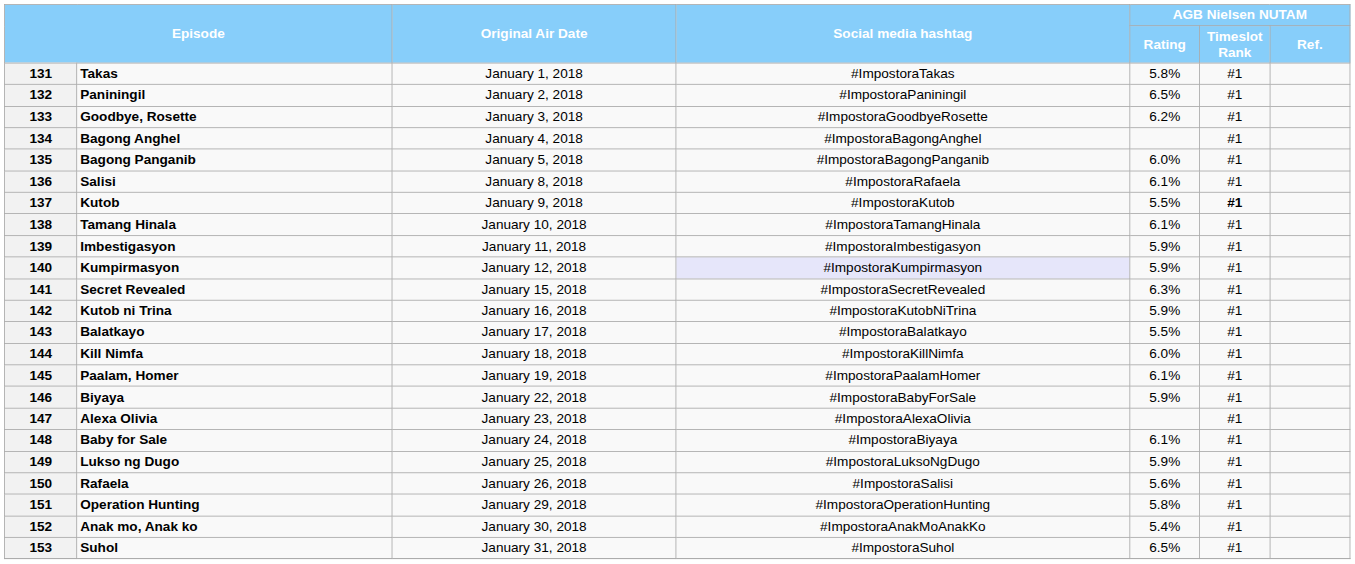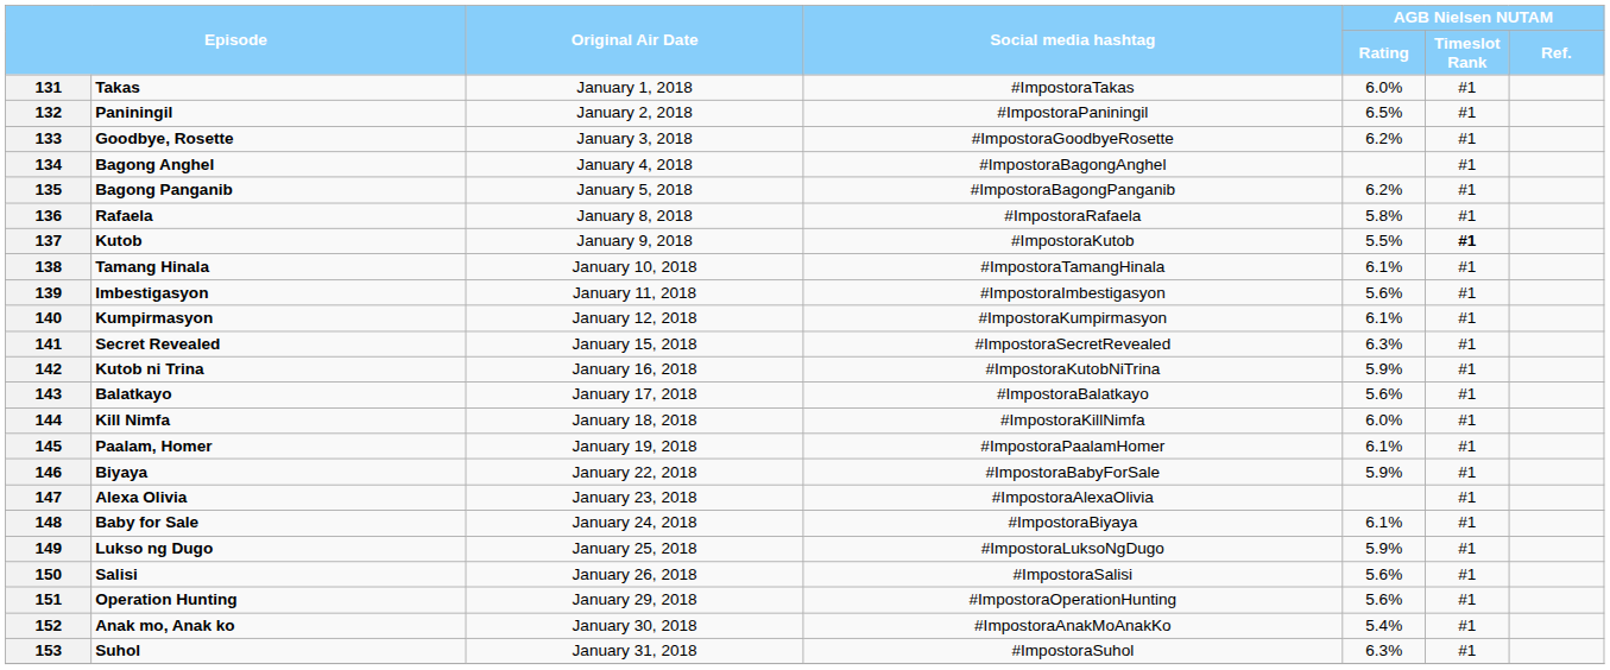 <table class="wikitable" style="text-align:center; font-size:100%; line-height:18px;"  width="100%">
 <tr>
 <th colspan="2" rowspan="2" style="background-color:#87CEFA; color:#ffffff;">Episode</th>
 <th style="background:#87CEFA; color:white" rowspan="2">Original Air Date</th>
 <th style="background:#87CEFA; color:white" rowspan="2">Social media hashtag</th>
 <th style="background-color:#87CEFA; color:#ffffff;" colspan="3">AGB Nielsen NUTAM</th>
 </tr>
 <tr>
 <th style="background-color:#87CEFA; width:75px; color:#ffffff;">Rating</th>
 <th style="background-color:#87CEFA; width:75px; color:#ffffff;">Timeslot<br>Rank</th>
 <th style="background-color:#87CEFA; color:#ffffff;">Ref.</th>
 </tr>
 <tr>
 <th>131</th>
 <td style="text-align: left;"><strong>Takas</strong></td>
 <td>January 1, 2018</td>
 <td>#ImpostoraTakas</td>
-<td>5.8%</td>
+<td>6.0%</td>
 <td>#1</td>
 <td></td>
 </tr>
 <tr>
 <th>132</th>
 <td style="text-align: left;"><strong>Paniningil</strong></td>
 <td>January 2, 2018</td>
 <td>#ImpostoraPaniningil</td>
 <td>6.5%</td>
 <td>#1</td>
 <td></td>
 </tr>
 <tr>
 <th>133</th>
 <td style="text-align: left;"><strong>Goodbye, Rosette</strong></td>
 <td>January 3, 2018</td>
 <td>#ImpostoraGoodbyeRosette</td>
 <td>6.2%</td>
 <td>#1</td>
 <td></td>
 </tr>
 <tr>
 <th>134</th>
 <td style="text-align: left;"><strong>Bagong Anghel</strong></td>
 <td>January 4, 2018</td>
 <td>#ImpostoraBagongAnghel</td>
 <td></td>
 <td>#1</td>
 <td></td>
 </tr>
 <tr>
 <th>135</th>
 <td style="text-align: left;"><strong>Bagong Panganib</strong></td>
 <td>January 5, 2018</td>
 <td>#ImpostoraBagongPanganib</td>
-<td>6.0%</td>
+<td>6.2%</td>
 <td>#1</td>
 <td></td>
 </tr>
 <tr>
 <th>136</th>
-<td style="text-align: left;"><strong>Salisi</strong></td>
+<td style="text-align: left;"><strong>Rafaela</strong></td>
 <td>January 8, 2018</td>
 <td>#ImpostoraRafaela</td>
-<td>6.1%</td>
+<td>5.8%</td>
 <td>#1</td>
 <td></td>
 </tr>
 <tr>
 <th>137</th>
 <td style="text-align: left;"><strong>Kutob</strong></td>
 <td>January 9, 2018</td>
 <td>#ImpostoraKutob</td>
 <td>5.5%</td>
 <td><strong>#1</strong></td>
 <td></td>
 </tr>
 <tr>
 <th>138</th>
 <td style="text-align: left;"><strong>Tamang Hinala</strong></td>
 <td>January 10, 2018</td>
 <td>#ImpostoraTamangHinala</td>
 <td>6.1%</td>
 <td>#1</td>
 <td></td>
 </tr>
 <tr>
 <th>139</th>
 <td style="text-align: left;"><strong>Imbestigasyon</strong></td>
 <td>January 11, 2018</td>
 <td>#ImpostoraImbestigasyon</td>
-<td>5.9%</td>
+<td>5.6%</td>
 <td>#1</td>
 <td></td>
 </tr>
 <tr>
 <th>140</th>
 <td style="text-align: left;"><strong>Kumpirmasyon</strong></td>
 <td>January 12, 2018</td>
-<td style="background: lavender;">#ImpostoraKumpirmasyon</td>
-<td>5.9%</td>
+<td>#ImpostoraKumpirmasyon</td>
+<td>6.1%</td>
 <td>#1</td>
 <td></td>
 </tr>
 <tr>
 <th>141</th>
 <td style="text-align: left;"><strong>Secret Revealed</strong></td>
 <td>January 15, 2018</td>
 <td>#ImpostoraSecretRevealed</td>
 <td>6.3%</td>
 <td>#1</td>
 <td></td>
 </tr>
 <tr>
 <th>142</th>
 <td style="text-align: left;"><strong>Kutob ni Trina</strong></td>
 <td>January 16, 2018</td>
 <td>#ImpostoraKutobNiTrina</td>
 <td>5.9%</td>
 <td>#1</td>
 <td></td>
 </tr>
 <tr>
 <th>143</th>
 <td style="text-align: left;"><strong>Balatkayo</strong></td>
 <td>January 17, 2018</td>
 <td>#ImpostoraBalatkayo</td>
-<td>5.5%</td>
+<td>5.6%</td>
 <td>#1</td>
 <td></td>
 </tr>
 <tr>
 <th>144</th>
 <td style="text-align: left;"><strong>Kill Nimfa</strong></td>
 <td>January 18, 2018</td>
 <td>#ImpostoraKillNimfa</td>
 <td>6.0%</td>
 <td>#1</td>
 <td></td>
 </tr>
 <tr>
 <th>145</th>
 <td style="text-align: left;"><strong>Paalam, Homer</strong></td>
 <td>January 19, 2018</td>
 <td>#ImpostoraPaalamHomer</td>
 <td>6.1%</td>
 <td>#1</td>
 <td></td>
 </tr>
 <tr>
 <th>146</th>
 <td style="text-align: left;"><strong>Biyaya</strong></td>
 <td>January 22, 2018</td>
 <td>#ImpostoraBabyForSale</td>
 <td>5.9%</td>
 <td>#1</td>
 <td></td>
 </tr>
 <tr>
 <th>147</th>
 <td style="text-align: left;"><strong>Alexa Olivia</strong></td>
 <td>January 23, 2018</td>
 <td>#ImpostoraAlexaOlivia</td>
 <td></td>
 <td>#1</td>
 <td></td>
 </tr>
 <tr>
 <th>148</th>
 <td style="text-align: left;"><strong>Baby for Sale</strong></td>
 <td>January 24, 2018</td>
 <td>#ImpostoraBiyaya</td>
 <td>6.1%</td>
 <td>#1</td>
 <td></td>
 </tr>
 <tr>
 <th>149</th>
 <td style="text-align: left;"><strong>Lukso ng Dugo</strong></td>
 <td>January 25, 2018</td>
 <td>#ImpostoraLuksoNgDugo</td>
 <td>5.9%</td>
 <td>#1</td>
 <td></td>
 </tr>
 <tr>
 <th>150</th>
-<td style="text-align: left;"><strong>Rafaela</strong></td>
+<td style="text-align: left;"><strong>Salisi</strong></td>
 <td>January 26, 2018</td>
 <td>#ImpostoraSalisi</td>
 <td>5.6%</td>
 <td>#1</td>
 <td></td>
 </tr>
 <tr>
 <th>151</th>
 <td style="text-align: left;"><strong>Operation Hunting</strong></td>
 <td>January 29, 2018</td>
 <td>#ImpostoraOperationHunting</td>
-<td>5.8%</td>
+<td>5.6%</td>
 <td>#1</td>
 <td></td>
 </tr>
 <tr>
 <th>152</th>
 <td style="text-align: left;"><strong>Anak mo, Anak ko</strong></td>
 <td>January 30, 2018</td>
 <td>#ImpostoraAnakMoAnakKo</td>
 <td>5.4%</td>
 <td>#1</td>
 <td></td>
 </tr>
 <tr>
 <th>153</th>
 <td style="text-align: left;"><strong>Suhol</strong></td>
 <td>January 31, 2018</td>
 <td>#ImpostoraSuhol</td>
-<td>6.5%</td>
+<td>6.3%</td>
 <td>#1</td>
 <td></td>
 </tr>
 <tr>
 </tr>
 </table>
